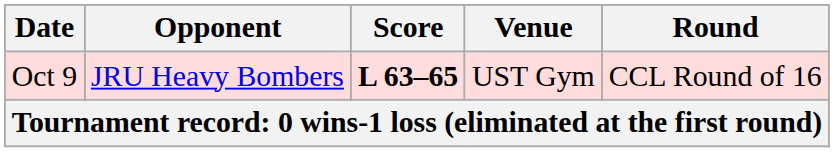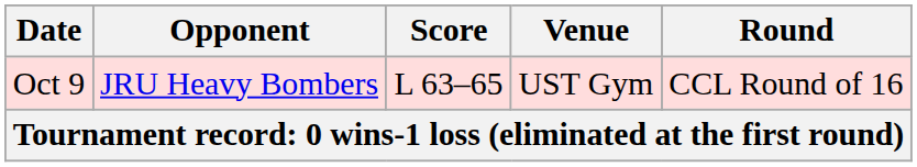 <table class="wikitable">
 <tr>
 <th>Date</th>
 <th>Opponent</th>
 <th>Score</th>
 <th>Venue</th>
 <th>Round</th>
 </tr>
 <tr style="background:#fdd;">
 <td>Oct 9</td>
 <td><a href='#'>JRU Heavy Bombers</a></td>
-<td><strong>L 63–65</strong></td>
+<td>L 63–65</td>
 <td>UST Gym</td>
 <td>CCL Round of 16</td>
 </tr>
 <tr>
 <th colspan="5">Tournament record: 0 wins-1 loss (eliminated at the first round)</th>
 </tr>
 </table>
